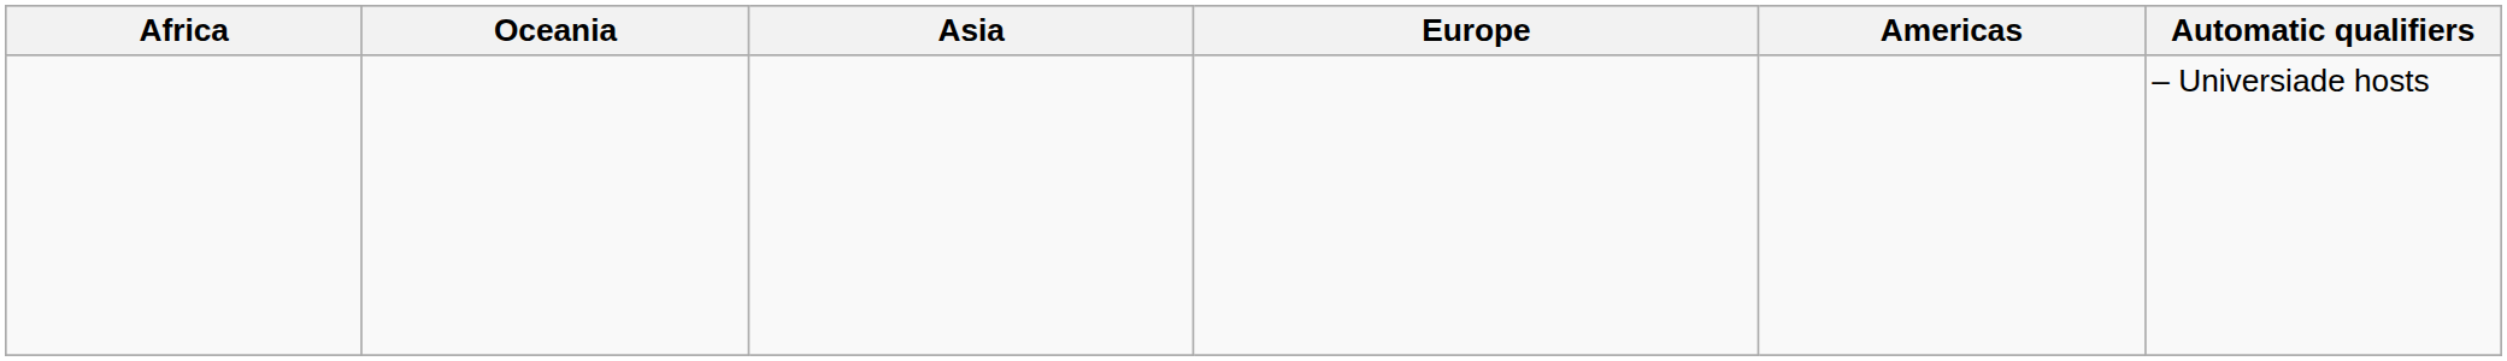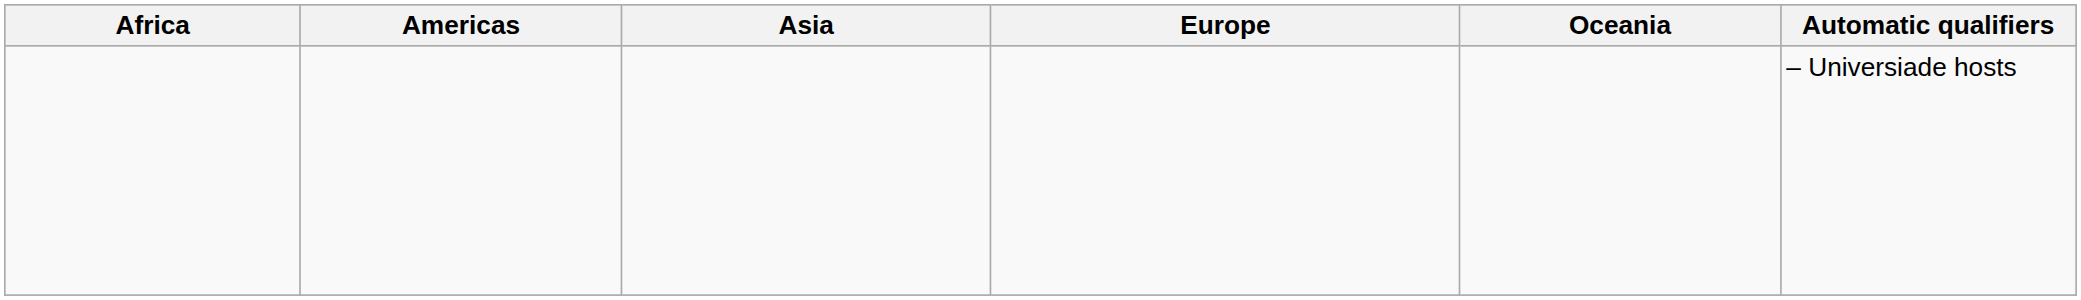 <table class=wikitable width=100%>
 <tr>
 <th width=12%>Africa</th>
-<th width=13%>Oceania</th>
+<th width=13%>Americas</th>
 <th width=15%>Asia</th>
 <th width=19%>Europe</th>
-<th width=13%>Americas</th>
+<th width=13%>Oceania</th>
 <th width=12%>Automatic qualifiers</th>
 </tr>
 <tr valign=top>
 <td></td>
-<td></td>
+<td><br></td>
 <td><br><br><br></td>
 <td><br><br><br> <br><br><br><br><br></td>
-<td><br></td>
+<td></td>
 <td>– Universiade hosts</td>
 </tr>
 </table>
